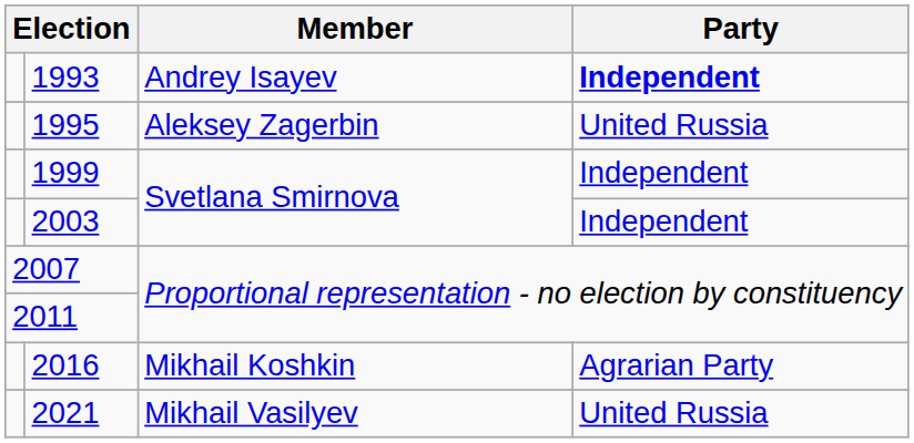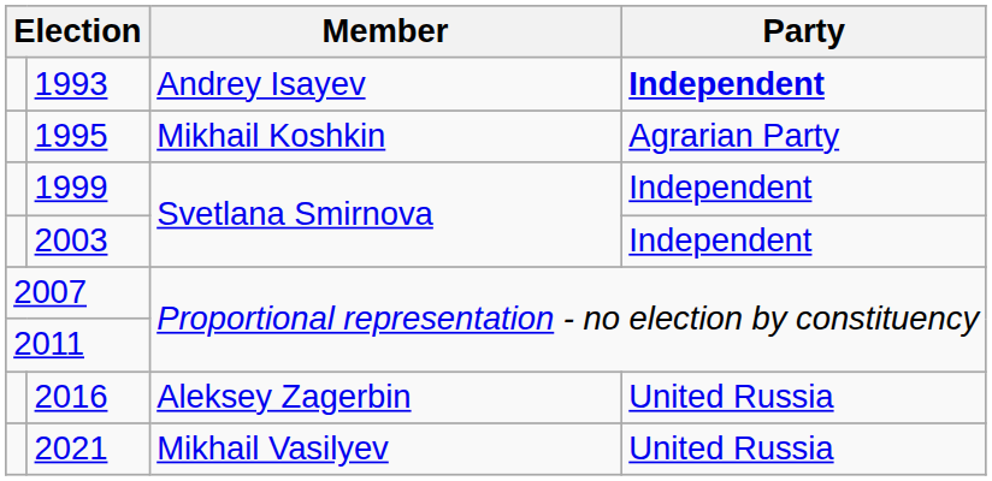 <table class="wikitable">
 <tr>
 <th colspan="2">Election</th>
 <th>Member</th>
 <th>Party</th>
 </tr>
 <tr>
 <td style="background-color:"></td>
 <td><a href='#'>1993</a></td>
 <td><a href='#'>Andrey Isayev</a></td>
 <td><strong><a href='#'>Independent</a></strong></td>
 </tr>
 <tr>
 <td style="background-color:"></td>
 <td><a href='#'>1995</a></td>
-<td><a href='#'>Aleksey Zagerbin</a></td>
-<td><a href='#'>United Russia</a></td>
+<td><a href='#'>Mikhail Koshkin</a></td>
+<td><a href='#'>Agrarian Party</a></td>
 </tr>
 <tr>
 <td style="background-color:"></td>
 <td><a href='#'>1999</a></td>
 <td rowspan=2><a href='#'>Svetlana Smirnova</a></td>
 <td><a href='#'>Independent</a></td>
 </tr>
 <tr>
 <td style="background-color:"></td>
 <td><a href='#'>2003</a></td>
 <td><a href='#'>Independent</a></td>
 </tr>
 <tr>
 <td colspan=2><a href='#'>2007</a></td>
 <td colspan=2 rowspan=2><em><a href='#'>Proportional representation</a> - no election by constituency</em></td>
 </tr>
 <tr>
 <td colspan=2><a href='#'>2011</a></td>
 </tr>
 <tr>
 <td style="background-color: "></td>
 <td><a href='#'>2016</a></td>
-<td><a href='#'>Mikhail Koshkin</a></td>
-<td><a href='#'>Agrarian Party</a></td>
+<td><a href='#'>Aleksey Zagerbin</a></td>
+<td><a href='#'>United Russia</a></td>
 </tr>
 <tr>
 <td style="background-color: "></td>
 <td><a href='#'>2021</a></td>
 <td><a href='#'>Mikhail Vasilyev</a></td>
 <td><a href='#'>United Russia</a></td>
 </tr>
 </table>
